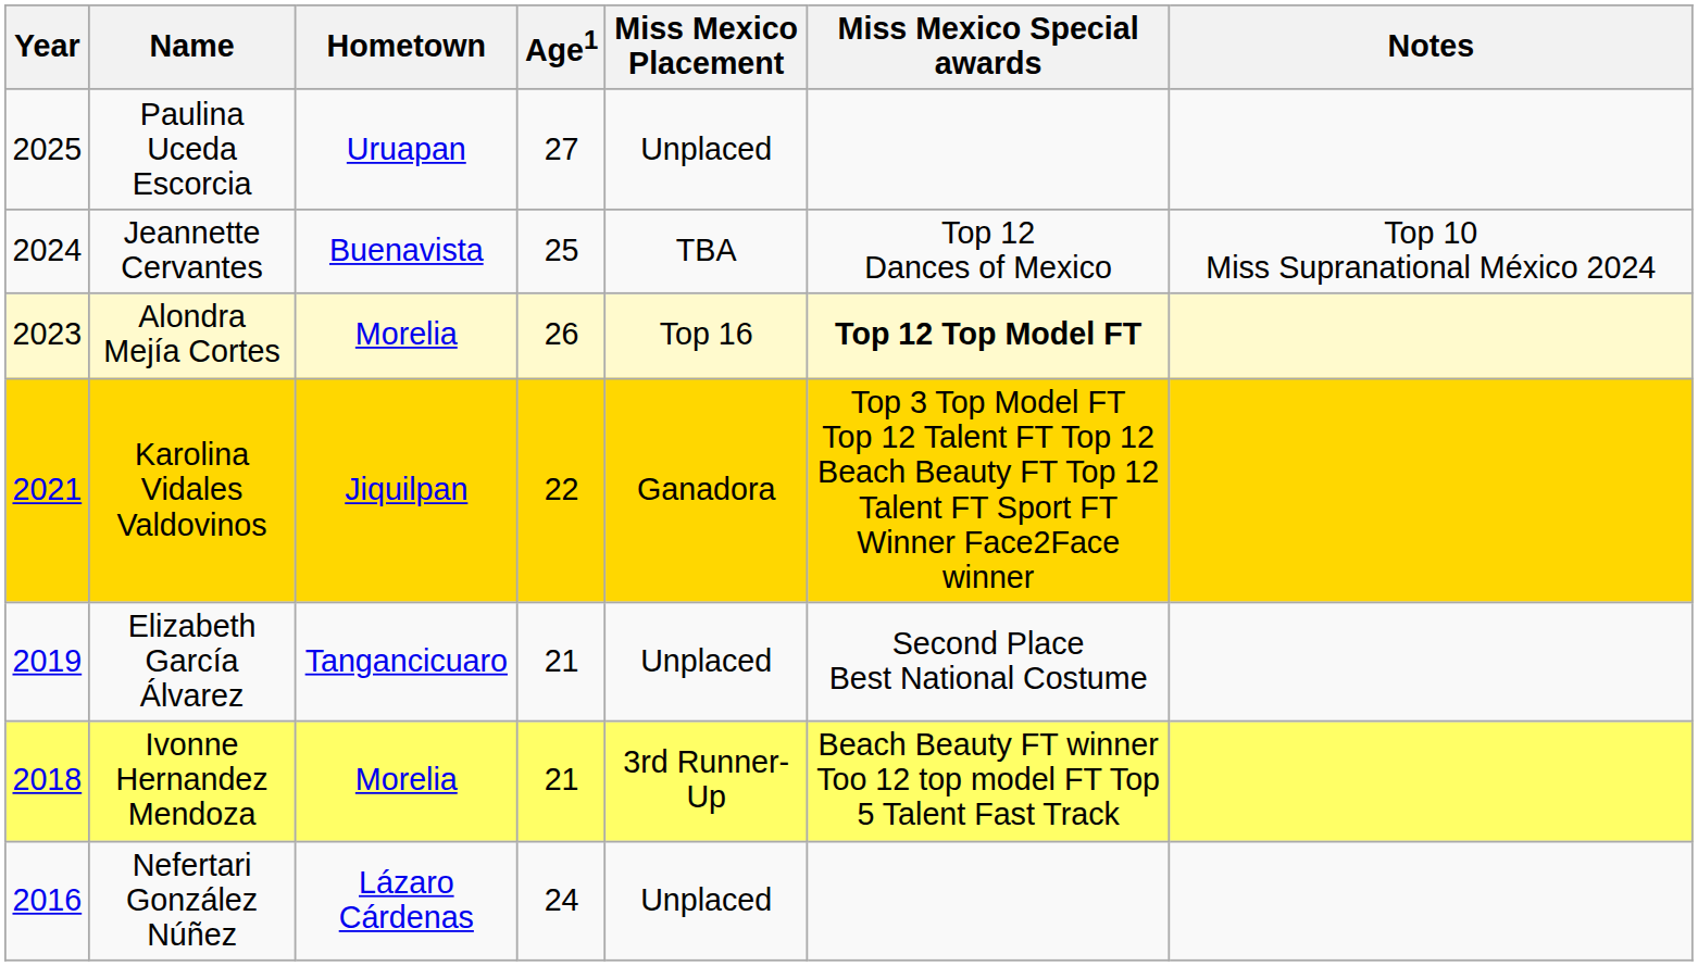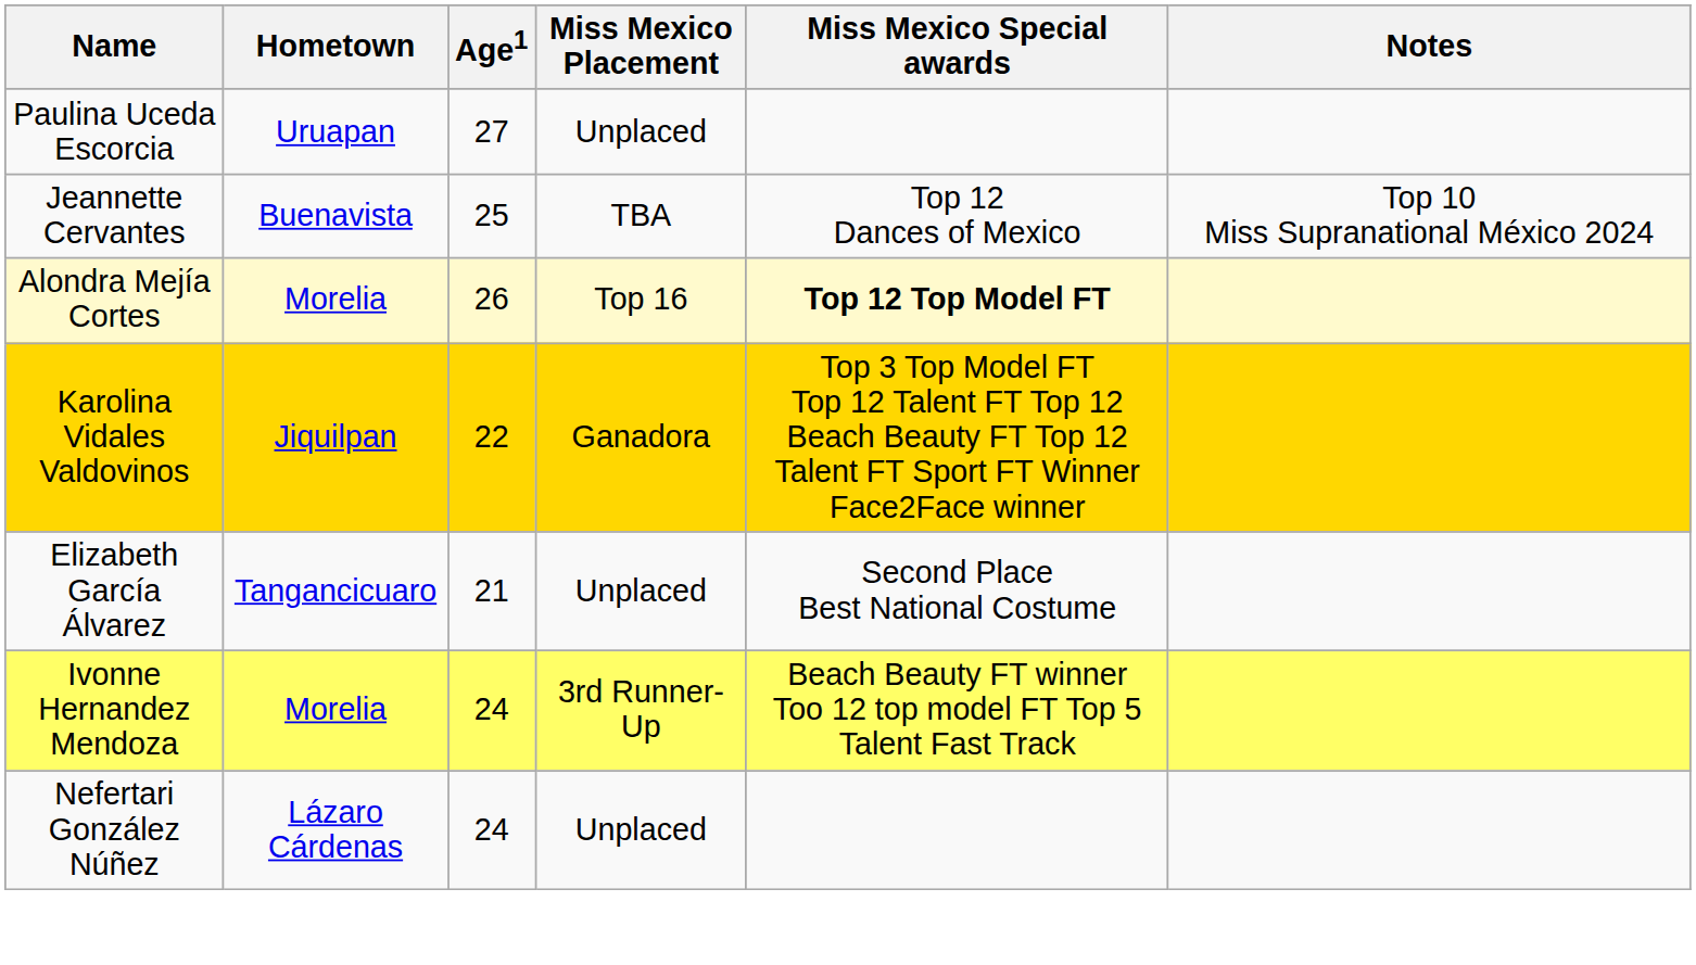 <table class="wikitable sortable">
 <tr>
-<th>Year</th>
 <th>Name</th>
 <th>Hometown</th>
 <th>Age<sup>1</sup></th>
 <th data-sort-type=number>Miss Mexico Placement</th>
 <th>Miss Mexico Special awards</th>
 <th width=31%>Notes</th>
 </tr>
 <tr>
-<td align="center">2025</td>
 <td align="center">Paulina Uceda Escorcia</td>
 <td align="center"><a href='#'>Uruapan</a></td>
 <td align="center">27</td>
 <td align="center">Unplaced</td>
 <td></td>
 <td></td>
 </tr>
 <tr>
-<td align="center">2024</td>
 <td align="center">Jeannette<br>Cervantes</td>
 <td align="center"><a href='#'>Buenavista</a></td>
 <td align="center">25</td>
 <td align="center">TBA</td>
 <td align="center">Top 12<br>Dances of Mexico</td>
 <td align="center">Top 10<br>Miss Supranational México 2024</td>
 </tr>
 <tr>
-<td align="center" bgcolor="#FFFACD">2023</td>
 <td align="center" bgcolor="#FFFACD">Alondra Mejía Cortes</td>
 <td align="center" bgcolor="#FFFACD"><a href='#'>Morelia</a></td>
 <td align="center" bgcolor="#FFFACD">26</td>
 <td align="center" bgcolor="#FFFACD">Top 16</td>
 <td align="center" bgcolor="#FFFACD"><strong>Top 12 Top Model FT</strong></td>
 <td align="center" bgcolor="#FFFACD"></td>
 </tr>
 <tr>
-<td align="center" bgcolor="gold"><a href='#'>2021</a></td>
 <td align="center" bgcolor="gold">Karolina Vidales Valdovinos</td>
 <td align="center" bgcolor="gold"><a href='#'>Jiquilpan</a></td>
 <td align="center" bgcolor="gold">22</td>
 <td align="center" bgcolor="gold">Ganadora</td>
 <td align="center" bgcolor="gold">Top 3 Top Model FT<br>Top 12 Talent FT Top 12 Beach Beauty FT Top 12 Talent FT Sport FT Winner Face2Face winner</td>
 <td align="center" bgcolor="gold"></td>
 </tr>
 <tr>
-<td align="center"><a href='#'>2019</a></td>
 <td align="center">Elizabeth García Álvarez</td>
 <td align="center"><a href='#'>Tangancicuaro</a></td>
 <td align="center">21</td>
 <td align="center">Unplaced</td>
 <td align="center">Second Place<br>Best National Costume</td>
 <td></td>
 </tr>
 <tr>
-<td align="center" bgcolor="#FFFF66"><a href='#'>2018</a></td>
 <td align="center" bgcolor="#FFFF66">Ivonne Hernandez Mendoza</td>
 <td align="center" bgcolor="#FFFF66"><a href='#'>Morelia</a></td>
-<td align="center" bgcolor="#FFFF66">21</td>
+<td align="center" bgcolor="#FFFF66">24</td>
 <td align="center" bgcolor="#FFFF66">3rd Runner-Up</td>
 <td align="center" bgcolor="#FFFF66">Beach Beauty FT winner<br>Too 12 top model FT Top 5 Talent Fast Track</td>
 <td align="center" bgcolor="#FFFF66"></td>
 </tr>
 <tr>
-<td align="center"><a href='#'>2016</a></td>
 <td align="center">Nefertari González Núñez</td>
 <td align="center"><a href='#'>Lázaro Cárdenas</a></td>
 <td align="center">24</td>
 <td align="center">Unplaced</td>
 <td></td>
 <td></td>
 </tr>
 </table>
